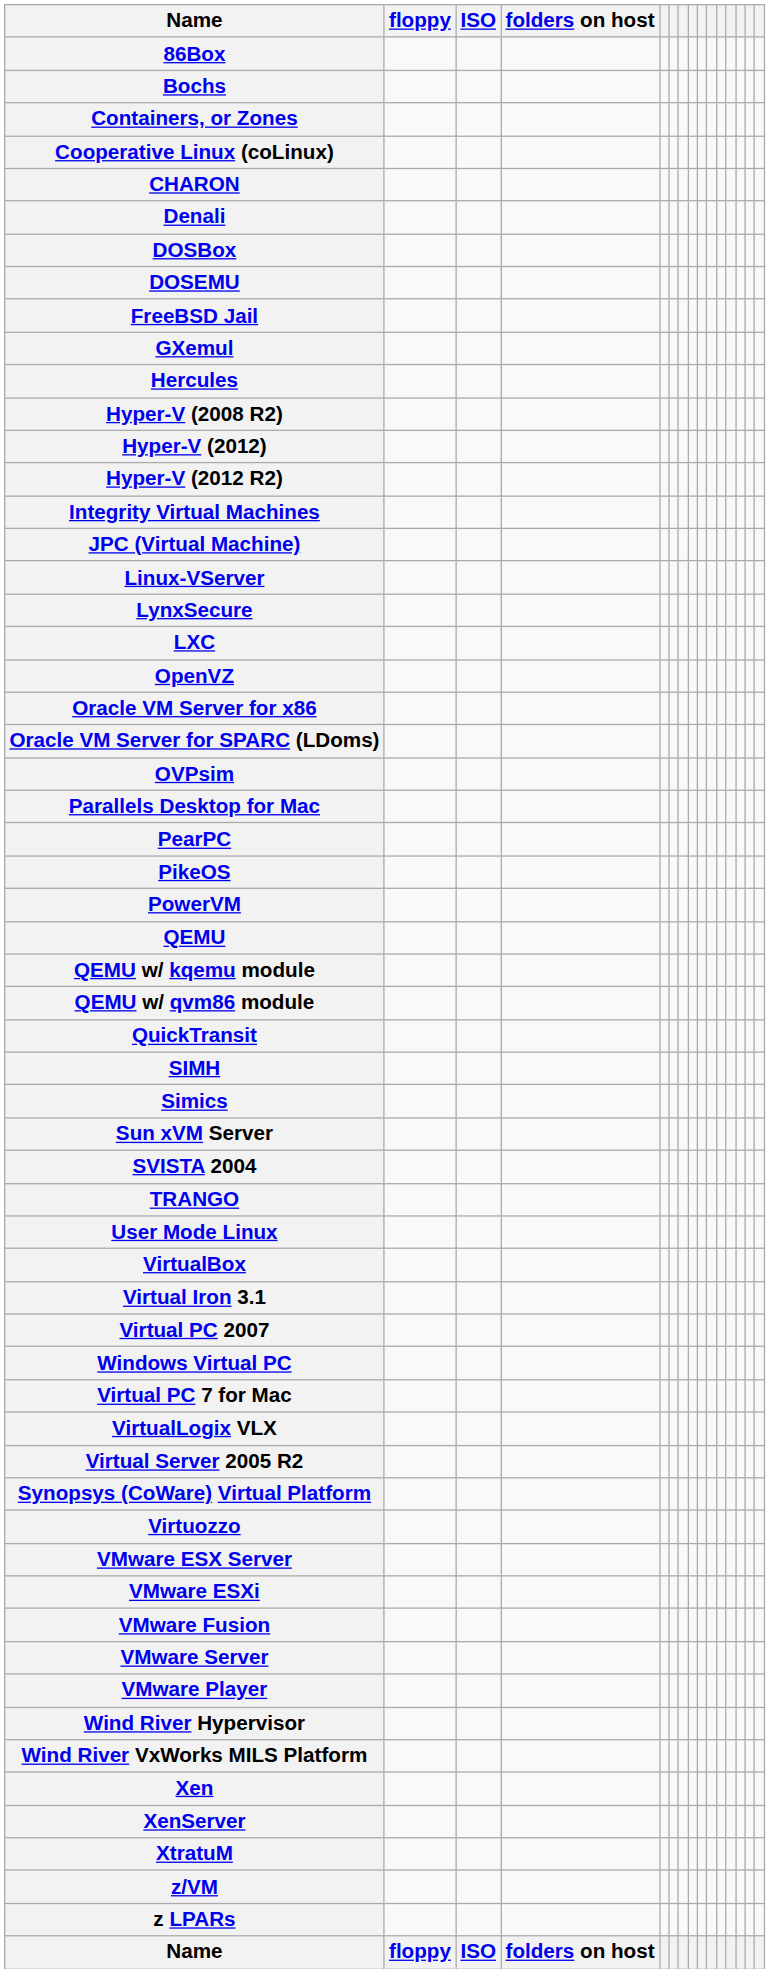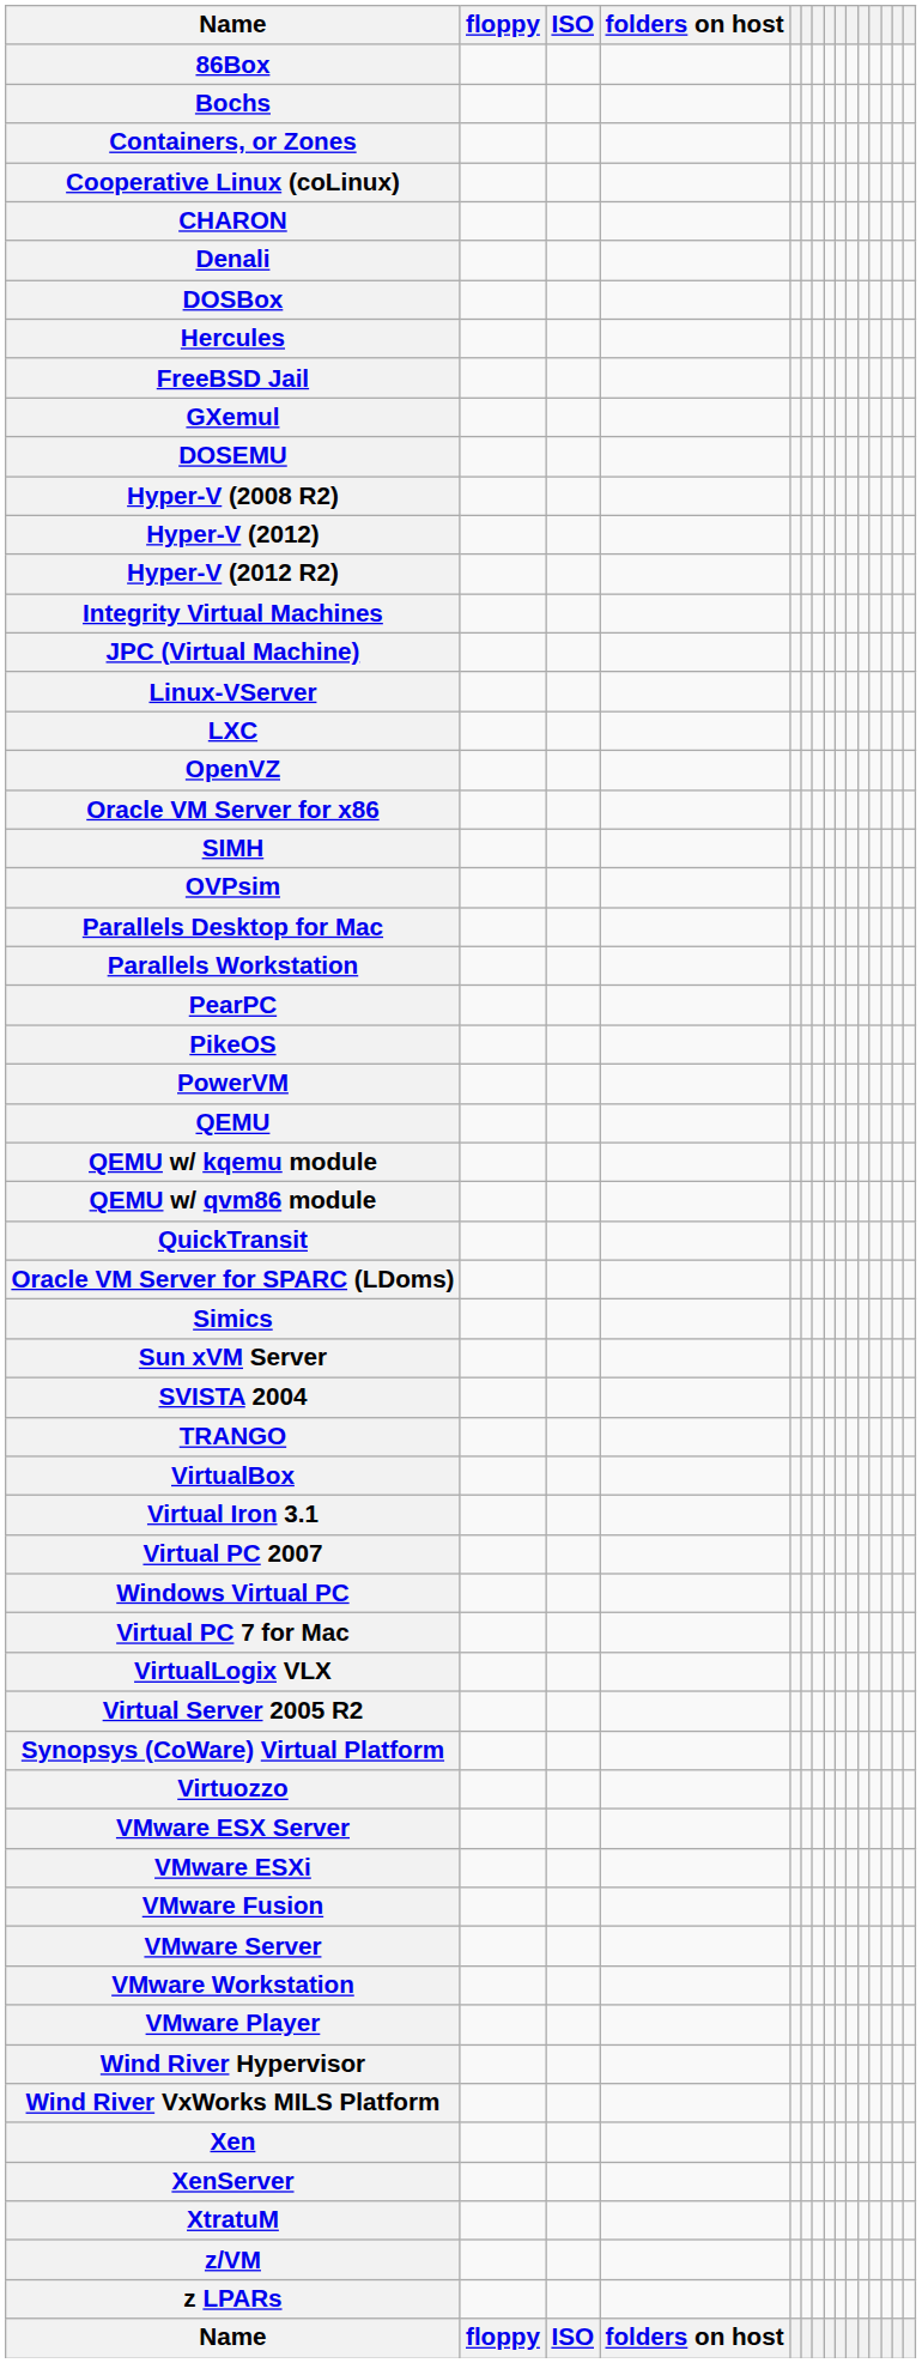 <table class="wikitable sortable sort-under" style="text-align: center; width: auto; table-layout: fixed;">
 <tr>
 <th>Name<br></th>
 <th><a href='#'>floppy</a></th>
 <th><a href='#'>ISO</a></th>
 <th><a href='#'>folders</a> on host</th>
 <th></th>
 <th></th>
 <th><br> </th>
 <th></th>
 <th></th>
 <th></th>
 <th></th>
 <th></th>
 <th></th>
 <th></th>
 <th><br> </th>
 </tr>
 <tr>
 <th><a href='#'>86Box</a></th>
 <td> </td>
 <td> </td>
 <td> </td>
 <td> </td>
 <td> </td>
 <td> </td>
 <td> </td>
 <td> </td>
 <td> </td>
 <td> </td>
 <td> </td>
 <td> </td>
 <td> </td>
 <td> </td>
 </tr>
 <tr>
 <th><a href='#'>Bochs</a></th>
 <td></td>
 <td></td>
 <td></td>
 <td></td>
 <td></td>
 <td> </td>
 <td> </td>
 <td> </td>
 <td> </td>
 <td> </td>
 <td> </td>
 <td> </td>
 <td> </td>
 <td></td>
 </tr>
 <tr>
 <th><a href='#'>Containers, or Zones</a></th>
 <td></td>
 <td></td>
 <td></td>
 <td></td>
 <td></td>
 <td> </td>
 <td> </td>
 <td> </td>
 <td> </td>
 <td> </td>
 <td> </td>
 <td> </td>
 <td> </td>
 <td> </td>
 </tr>
 <tr>
 <th><a href='#'>Cooperative Linux</a> (coLinux)</th>
 <td></td>
 <td></td>
 <td></td>
 <td></td>
 <td></td>
 <td> </td>
 <td> </td>
 <td> </td>
 <td> </td>
 <td> </td>
 <td> </td>
 <td> </td>
 <td> </td>
 <td> </td>
 </tr>
 <tr>
 <th><a href='#'>CHARON</a></th>
 <td></td>
 <td></td>
 <td></td>
 <td></td>
 <td></td>
 <td> </td>
 <td> </td>
 <td> </td>
 <td> </td>
 <td> </td>
 <td> </td>
 <td> </td>
 <td> </td>
 <td> </td>
 </tr>
 <tr>
 <th><a href='#'>Denali</a></th>
 <td></td>
 <td></td>
 <td></td>
 <td></td>
 <td></td>
 <td> </td>
 <td> </td>
 <td> </td>
 <td> </td>
 <td> </td>
 <td> </td>
 <td> </td>
 <td> </td>
 <td> </td>
 </tr>
 <tr>
 <th><a href='#'>DOSBox</a></th>
 <td></td>
 <td></td>
 <td></td>
 <td></td>
 <td></td>
 <td> </td>
 <td> </td>
 <td> </td>
 <td> </td>
 <td> </td>
 <td> </td>
 <td> </td>
 <td> </td>
 <td> </td>
 </tr>
 <tr>
-<th><a href='#'>DOSEMU</a></th>
+<th><a href='#'>Hercules</a></th>
 <td></td>
 <td></td>
 <td></td>
 <td></td>
 <td></td>
 <td> </td>
 <td> </td>
 <td> </td>
 <td> </td>
 <td> </td>
 <td> </td>
 <td> </td>
 <td> </td>
 <td> </td>
 </tr>
 <tr>
 <th><a href='#'>FreeBSD Jail</a></th>
 <td></td>
 <td></td>
 <td></td>
 <td></td>
 <td></td>
 <td> </td>
 <td> </td>
 <td> </td>
 <td> </td>
 <td> </td>
 <td> </td>
 <td> </td>
 <td> </td>
 <td> </td>
 </tr>
 <tr>
 <th><a href='#'>GXemul</a></th>
 <td></td>
 <td></td>
 <td></td>
 <td></td>
 <td></td>
 <td> </td>
 <td> </td>
 <td> </td>
 <td> </td>
 <td> </td>
 <td> </td>
 <td> </td>
 <td> </td>
 <td> </td>
 </tr>
 <tr>
-<th><a href='#'>Hercules</a></th>
+<th><a href='#'>DOSEMU</a></th>
 <td></td>
 <td></td>
 <td></td>
 <td></td>
 <td></td>
 <td> </td>
 <td> </td>
 <td> </td>
 <td> </td>
 <td> </td>
 <td> </td>
 <td> </td>
 <td> </td>
 <td> </td>
 </tr>
 <tr>
 <th><a href='#'>Hyper-V</a> (2008 R2)</th>
 <td></td>
 <td></td>
 <td></td>
 <td></td>
 <td></td>
 <td> </td>
 <td> </td>
 <td> </td>
 <td> </td>
 <td> </td>
 <td> </td>
 <td> </td>
 <td> </td>
 <td> </td>
 </tr>
 <tr>
 <th><a href='#'>Hyper-V</a> (2012)</th>
 <td></td>
 <td></td>
 <td></td>
 <td></td>
 <td></td>
 <td> </td>
 <td> </td>
 <td> </td>
 <td> </td>
 <td> </td>
 <td> </td>
 <td> </td>
 <td> </td>
 <td> </td>
 </tr>
 <tr>
 <th><a href='#'>Hyper-V</a> (2012 R2)</th>
 <td></td>
 <td></td>
 <td></td>
 <td></td>
 <td></td>
 <td> </td>
 <td> </td>
 <td> </td>
 <td> </td>
 <td> </td>
 <td> </td>
 <td> </td>
 <td> </td>
 <td> </td>
 </tr>
 <tr>
 <th><a href='#'>Integrity Virtual Machines</a></th>
 <td></td>
 <td></td>
 <td></td>
 <td></td>
 <td></td>
 <td> </td>
 <td> </td>
 <td> </td>
 <td> </td>
 <td> </td>
 <td> </td>
 <td> </td>
 <td> </td>
 <td> </td>
 </tr>
 <tr>
 <th><a href='#'>JPC (Virtual Machine)</a></th>
 <td></td>
 <td></td>
 <td></td>
 <td></td>
 <td></td>
 <td> </td>
 <td> </td>
 <td> </td>
 <td> </td>
 <td> </td>
 <td> </td>
 <td> </td>
 <td> </td>
 <td> </td>
 </tr>
 <tr>
 <th><a href='#'>Linux-VServer</a></th>
 <td></td>
 <td></td>
 <td></td>
 <td></td>
 <td></td>
 <td> </td>
 <td> </td>
 <td> </td>
 <td> </td>
 <td> </td>
 <td> </td>
 <td> </td>
 <td> </td>
 <td> </td>
 </tr>
 <tr>
-<th><a href='#'>LynxSecure</a></th>
-<td></td>
-<td></td>
-<td></td>
-<td></td>
-<td></td>
-<td> </td>
-<td> </td>
-<td> </td>
-<td> </td>
-<td> </td>
-<td> </td>
-<td> </td>
-<td> </td>
-<td> </td>
-</tr>
-<tr>
 <th><a href='#'>LXC</a></th>
 <td></td>
 <td></td>
 <td></td>
 <td></td>
 <td></td>
 <td> </td>
 <td> </td>
 <td> </td>
 <td> </td>
 <td> </td>
 <td> </td>
 <td> </td>
 <td> </td>
 <td> </td>
 </tr>
 <tr>
 <th><a href='#'>OpenVZ</a></th>
 <td></td>
 <td></td>
 <td></td>
 <td></td>
 <td></td>
 <td> </td>
 <td> </td>
 <td> </td>
 <td> </td>
 <td> </td>
 <td> </td>
 <td> </td>
 <td> </td>
 <td> </td>
 </tr>
 <tr>
 <th><a href='#'>Oracle VM Server for x86</a></th>
 <td></td>
 <td></td>
 <td></td>
 <td></td>
 <td></td>
 <td> </td>
 <td> </td>
 <td> </td>
 <td> </td>
 <td> </td>
 <td> </td>
 <td> </td>
 <td> </td>
 <td> </td>
 </tr>
 <tr>
-<th><a href='#'>Oracle VM Server for SPARC</a> (LDoms)</th>
+<th><a href='#'>SIMH</a></th>
 <td></td>
 <td></td>
 <td></td>
 <td></td>
 <td></td>
 <td> </td>
 <td> </td>
 <td> </td>
 <td> </td>
 <td> </td>
 <td> </td>
 <td> </td>
 <td> </td>
 <td> </td>
 </tr>
 <tr>
 <th><a href='#'>OVPsim</a></th>
 <td></td>
 <td></td>
 <td></td>
 <td></td>
 <td></td>
 <td> </td>
 <td> </td>
 <td> </td>
 <td> </td>
 <td> </td>
 <td> </td>
 <td> </td>
 <td> </td>
 <td> </td>
 </tr>
 <tr>
 <th><a href='#'>Parallels Desktop for Mac</a></th>
+<td></td>
+<td></td>
+<td></td>
+<td></td>
+<td></td>
+<td> </td>
+<td> </td>
+<td> </td>
+<td> </td>
+<td> </td>
+<td> </td>
+<td> </td>
+<td> </td>
+<td> </td>
+</tr>
+<tr>
+<th><a href='#'>Parallels Workstation</a></th>
 <td></td>
 <td></td>
 <td></td>
 <td></td>
 <td></td>
 <td> </td>
 <td> </td>
 <td> </td>
 <td> </td>
 <td> </td>
 <td> </td>
 <td> </td>
 <td> </td>
 <td> </td>
 </tr>
 <tr>
 <th><a href='#'>PearPC</a></th>
 <td></td>
 <td></td>
 <td></td>
 <td></td>
 <td></td>
 <td> </td>
 <td> </td>
 <td> </td>
 <td> </td>
 <td> </td>
 <td> </td>
 <td> </td>
 <td> </td>
 <td> </td>
 </tr>
 <tr>
 <th><a href='#'>PikeOS</a></th>
 <td></td>
 <td></td>
 <td></td>
 <td></td>
 <td></td>
 <td> </td>
 <td> </td>
 <td> </td>
 <td> </td>
 <td> </td>
 <td> </td>
 <td> </td>
 <td> </td>
 <td> </td>
 </tr>
 <tr>
 <th><a href='#'>PowerVM</a></th>
 <td></td>
 <td></td>
 <td></td>
 <td></td>
 <td></td>
 <td> </td>
 <td> </td>
 <td> </td>
 <td> </td>
 <td> </td>
 <td> </td>
 <td> </td>
 <td> </td>
 <td> </td>
 </tr>
 <tr>
 <th><a href='#'>QEMU</a></th>
 <td></td>
 <td>  </td>
 <td></td>
 <td></td>
 <td>  </td>
 <td>  </td>
 <td></td>
 <td>  </td>
 <td>  </td>
 <td></td>
 <td>  </td>
 <td>  </td>
 <td></td>
 <td>  </td>
 </tr>
 <tr>
 <th><a href='#'>QEMU</a> w/ <a href='#'>kqemu</a> module</th>
 <td></td>
 <td></td>
 <td></td>
 <td></td>
 <td></td>
 <td> </td>
 <td> </td>
 <td> </td>
 <td> </td>
 <td> </td>
 <td> </td>
 <td> </td>
 <td> </td>
 <td> </td>
 </tr>
 <tr>
 <th><a href='#'>QEMU</a> w/ <a href='#'>qvm86</a> module</th>
 <td></td>
 <td></td>
 <td></td>
 <td></td>
 <td></td>
 <td> </td>
 <td> </td>
 <td> </td>
 <td> </td>
 <td> </td>
 <td> </td>
 <td> </td>
 <td> </td>
 <td> </td>
 </tr>
 <tr>
 <th><a href='#'>QuickTransit</a></th>
 <td></td>
 <td></td>
 <td></td>
 <td></td>
 <td></td>
 <td> </td>
 <td> </td>
 <td> </td>
 <td> </td>
 <td> </td>
 <td> </td>
 <td> </td>
 <td> </td>
 <td> </td>
 </tr>
 <tr>
-<th><a href='#'>SIMH</a></th>
+<th><a href='#'>Oracle VM Server for SPARC</a> (LDoms)</th>
 <td></td>
 <td></td>
 <td></td>
 <td></td>
 <td></td>
 <td> </td>
 <td> </td>
 <td> </td>
 <td> </td>
 <td> </td>
 <td> </td>
 <td> </td>
 <td> </td>
 <td> </td>
 </tr>
 <tr>
 <th><a href='#'>Simics</a></th>
 <td></td>
 <td></td>
 <td></td>
 <td></td>
 <td></td>
 <td> </td>
 <td> </td>
 <td> </td>
 <td> </td>
 <td> </td>
 <td> </td>
 <td> </td>
 <td> </td>
 <td> </td>
 </tr>
 <tr>
 <th><a href='#'>Sun xVM</a> Server</th>
 <td></td>
 <td></td>
 <td></td>
 <td></td>
 <td></td>
 <td> </td>
 <td> </td>
 <td> </td>
 <td> </td>
 <td> </td>
 <td> </td>
 <td> </td>
 <td> </td>
 <td> </td>
 </tr>
 <tr>
 <th><a href='#'>SVISTA</a> 2004</th>
 <td></td>
 <td></td>
 <td></td>
 <td></td>
 <td></td>
 <td> </td>
 <td> </td>
 <td> </td>
 <td> </td>
 <td> </td>
 <td> </td>
 <td> </td>
 <td> </td>
 <td> </td>
 </tr>
 <tr>
 <th><a href='#'>TRANGO</a></th>
-<td></td>
-<td></td>
-<td></td>
-<td></td>
-<td></td>
-<td> </td>
-<td> </td>
-<td> </td>
-<td> </td>
-<td> </td>
-<td> </td>
-<td> </td>
-<td> </td>
-<td> </td>
-</tr>
-<tr>
-<th><a href='#'>User Mode Linux</a></th>
 <td></td>
 <td></td>
 <td></td>
 <td></td>
 <td></td>
 <td> </td>
 <td> </td>
 <td> </td>
 <td> </td>
 <td> </td>
 <td> </td>
 <td> </td>
 <td> </td>
 <td> </td>
 </tr>
 <tr>
 <th><a href='#'>VirtualBox</a></th>
 <td></td>
 <td></td>
 <td></td>
 <td></td>
 <td></td>
 <td></td>
 <td> </td>
 <td> </td>
 <td> </td>
 <td> </td>
 <td> </td>
 <td> </td>
 <td> </td>
 <td> </td>
 </tr>
 <tr>
 <th><a href='#'>Virtual Iron</a> 3.1</th>
 <td></td>
 <td></td>
 <td></td>
 <td></td>
 <td></td>
 <td> </td>
 <td> </td>
 <td> </td>
 <td> </td>
 <td> </td>
 <td> </td>
 <td> </td>
 <td> </td>
 <td> </td>
 </tr>
 <tr>
 <th><a href='#'>Virtual PC</a> 2007</th>
 <td></td>
 <td></td>
 <td></td>
 <td></td>
 <td></td>
 <td> </td>
 <td> </td>
 <td> </td>
 <td> </td>
 <td> </td>
 <td> </td>
 <td> </td>
 <td> </td>
 <td> </td>
 </tr>
 <tr>
 <th><a href='#'>Windows Virtual PC</a></th>
 <td></td>
 <td></td>
 <td></td>
 <td></td>
 <td></td>
 <td> </td>
 <td> </td>
 <td> </td>
 <td> </td>
 <td> </td>
 <td> </td>
 <td> </td>
 <td> </td>
 <td> </td>
 </tr>
 <tr>
 <th><a href='#'>Virtual PC</a> 7 for Mac</th>
 <td></td>
 <td></td>
 <td></td>
 <td></td>
 <td></td>
 <td> </td>
 <td> </td>
 <td> </td>
 <td> </td>
 <td> </td>
 <td> </td>
 <td> </td>
 <td> </td>
 <td> </td>
 </tr>
 <tr>
 <th><a href='#'>VirtualLogix</a> VLX</th>
 <td></td>
 <td></td>
 <td></td>
 <td></td>
 <td></td>
 <td> </td>
 <td> </td>
 <td> </td>
 <td> </td>
 <td> </td>
 <td> </td>
 <td> </td>
 <td> </td>
 <td> </td>
 </tr>
 <tr>
 <th><a href='#'>Virtual Server</a> 2005 R2</th>
 <td></td>
 <td></td>
 <td></td>
 <td></td>
 <td></td>
 <td> </td>
 <td> </td>
 <td> </td>
 <td> </td>
 <td> </td>
 <td> </td>
 <td> </td>
 <td> </td>
 <td> </td>
 </tr>
 <tr>
 <th><a href='#'>Synopsys (CoWare)</a> <a href='#'>Virtual Platform</a></th>
 <td></td>
 <td></td>
 <td></td>
 <td></td>
 <td></td>
 <td> </td>
 <td> </td>
 <td> </td>
 <td> </td>
 <td> </td>
 <td> </td>
 <td> </td>
 <td> </td>
 <td> </td>
 </tr>
 <tr>
 <th><a href='#'>Virtuozzo</a></th>
 <td></td>
 <td></td>
 <td></td>
 <td></td>
 <td></td>
 <td> </td>
 <td> </td>
 <td> </td>
 <td> </td>
 <td> </td>
 <td> </td>
 <td> </td>
 <td> </td>
 <td> </td>
 </tr>
 <tr>
 <th><a href='#'>VMware ESX Server</a></th>
 <td></td>
 <td></td>
 <td></td>
 <td></td>
 <td></td>
 <td></td>
 <td></td>
 <td></td>
 <td></td>
 <td></td>
 <td></td>
 <td>  </td>
 <td></td>
 <td></td>
 </tr>
 <tr>
 <th><a href='#'>VMware ESXi</a></th>
 <td>  </td>
 <td>  </td>
 <td>   </td>
 <td>  </td>
 <td>   </td>
 <td>   </td>
 <td>   </td>
 <td>   </td>
 <td>   </td>
 <td>   </td>
 <td>   </td>
 <td>   </td>
 <td>   </td>
 <td>  </td>
 </tr>
 <tr>
 <th><a href='#'>VMware Fusion</a></th>
 <td></td>
 <td></td>
 <td></td>
 <td></td>
 <td></td>
 <td> </td>
 <td> </td>
 <td> </td>
 <td> </td>
 <td> </td>
 <td> </td>
 <td> </td>
 <td> </td>
 <td> </td>
 </tr>
 <tr>
 <th><a href='#'>VMware Server</a></th>
 <td></td>
 <td></td>
 <td></td>
 <td></td>
 <td></td>
 <td> </td>
 <td> </td>
 <td> </td>
 <td> </td>
 <td> </td>
 <td> </td>
 <td> </td>
 <td> </td>
 <td> </td>
 </tr>
 <tr>
+<th><a href='#'>VMware Workstation</a></th>
+<td></td>
+<td></td>
+<td></td>
+<td></td>
+<td></td>
+<td> </td>
+<td> </td>
+<td> </td>
+<td> </td>
+<td> </td>
+<td> </td>
+<td> </td>
+<td> </td>
+<td> </td>
+</tr>
+<tr>
 <th><a href='#'>VMware Player</a></th>
 <td></td>
 <td></td>
 <td></td>
 <td></td>
 <td></td>
 <td> </td>
 <td> </td>
 <td> </td>
 <td> </td>
 <td> </td>
 <td> </td>
 <td> </td>
 <td> </td>
 <td> </td>
 </tr>
 <tr>
 <th><a href='#'>Wind River</a> Hypervisor</th>
 <td></td>
 <td></td>
 <td></td>
 <td></td>
 <td></td>
 <td> </td>
 <td> </td>
 <td> </td>
 <td> </td>
 <td> </td>
 <td> </td>
 <td> </td>
 <td> </td>
 <td> </td>
 </tr>
 <tr>
 <th><a href='#'>Wind River</a> VxWorks MILS Platform</th>
 <td></td>
 <td></td>
 <td></td>
 <td></td>
 <td></td>
 <td> </td>
 <td> </td>
 <td> </td>
 <td> </td>
 <td> </td>
 <td> </td>
 <td> </td>
 <td> </td>
 <td> </td>
 </tr>
 <tr>
 <th><a href='#'>Xen</a></th>
 <td>  </td>
 <td>  </td>
 <td></td>
 <td>  </td>
 <td></td>
 <td></td>
 <td></td>
 <td> </td>
 <td> </td>
 <td></td>
 <td></td>
 <td> </td>
 <td></td>
 <td></td>
 </tr>
 <tr>
 <th><a href='#'>XenServer</a></th>
 <td>  </td>
 <td>  </td>
 <td></td>
 <td>  </td>
 <td></td>
 <td></td>
 <td></td>
 <td> </td>
 <td> </td>
 <td></td>
 <td></td>
 <td> </td>
 <td></td>
 <td></td>
 </tr>
 <tr>
 <th><a href='#'>XtratuM</a></th>
 <td></td>
 <td></td>
 <td></td>
 <td></td>
 <td></td>
 <td> </td>
 <td> </td>
 <td> </td>
 <td> </td>
 <td> </td>
 <td> </td>
 <td> </td>
 <td> </td>
 <td> </td>
 </tr>
 <tr>
 <th><a href='#'>z/VM</a></th>
 <td></td>
 <td></td>
 <td></td>
 <td></td>
 <td></td>
 <td> </td>
 <td> </td>
 <td> </td>
 <td> </td>
 <td> </td>
 <td> </td>
 <td> </td>
 <td> </td>
 <td> </td>
 </tr>
 <tr>
 <th>z <a href='#'>LPARs</a></th>
 <td></td>
 <td></td>
 <td></td>
 <td></td>
 <td></td>
 <td> </td>
 <td> </td>
 <td> </td>
 <td> </td>
 <td> </td>
 <td> </td>
 <td> </td>
 <td> </td>
 <td> </td>
 </tr>
 <tr class="sortbottom">
 <th>Name</th>
 <th><a href='#'>floppy</a></th>
 <th><a href='#'>ISO</a></th>
 <th><a href='#'>folders</a> on host</th>
 <th></th>
 <th></th>
 <th></th>
 <th></th>
 <th></th>
 <th></th>
 <th></th>
 <th></th>
 <th></th>
 <th></th>
 <th></th>
 </tr>
 </table>
